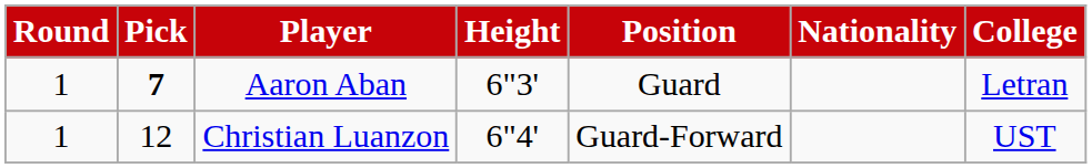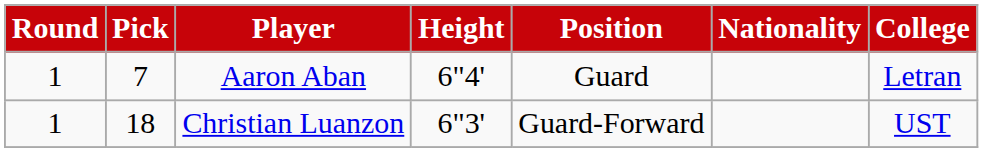 <table class="wikitable sortable sortable">
 <tr>
 <th style="background:#C70309; color:#FFFFFF; ">Round</th>
 <th style="background:#C70309; color:#FFFFFF; ">Pick</th>
 <th style="background:#C70309; color:#FFFFFF; ">Player</th>
 <th style="background:#C70309; color:#FFFFFF; ">Height</th>
 <th style="background:#C70309; color:#FFFFFF; ">Position</th>
 <th style="background:#C70309; color:#FFFFFF; ">Nationality</th>
 <th style="background:#C70309; color:#FFFFFF; ">College</th>
 </tr>
 <tr style="text-align: center">
 <td>1</td>
-<td><strong>7</strong></td>
+<td>7</td>
 <td><a href='#'>Aaron Aban</a></td>
-<td>6"3'</td>
+<td>6"4'</td>
 <td>Guard</td>
 <td></td>
 <td><a href='#'>Letran</a></td>
 </tr>
 <tr style="text-align: center">
 <td>1</td>
-<td>12</td>
+<td>18</td>
 <td><a href='#'>Christian Luanzon</a></td>
-<td>6"4'</td>
+<td>6"3'</td>
 <td>Guard-Forward</td>
 <td></td>
 <td><a href='#'>UST</a></td>
 </tr>
 </table>
